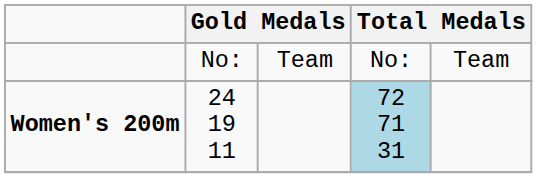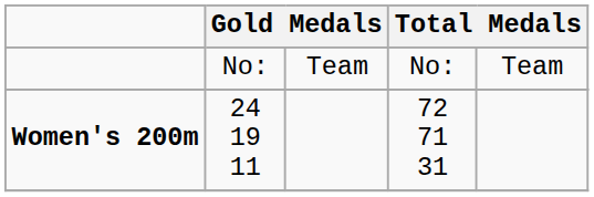 <table class="wikitable" style="text-align: center; font-size:95%;">
 <tr>
 <td></td>
 <th colspan=2>Gold Medals</th>
 <th colspan=2>Total Medals</th>
 </tr>
 <tr>
 <td></td>
 <td>No:</td>
 <td>Team</td>
 <td>No:</td>
 <td>Team</td>
 </tr>
 <tr>
 </tr>
 <tr>
 <td><strong>Women's 200m</strong></td>
 <td>24 <br> 19 <br> 11</td>
 <td align="left"> <br>  <br>  </td>
-<td style="background: lightblue;">72 <br> 71 <br> 31</td>
+<td>72 <br> 71 <br> 31</td>
 <td align="left"> <br>  <br> </td>
 </tr>
 <tr>
 </tr>
 </table>
